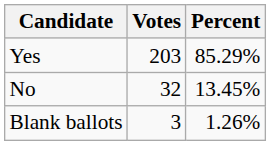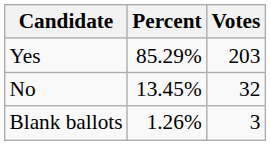 <table class=wikitable>
 <tr>
 <th style="background:">Candidate</th>
+<th style="background:">Percent</th>
 <th style="background:">Votes</th>
-<th style="background:">Percent</th>
 </tr>
 <tr>
 <td>Yes </td>
+<td style="text-align:right">85.29%</td>
 <td style="text-align:right">203</td>
-<td style="text-align:right">85.29%</td>
 </tr>
 <tr>
 <td>No</td>
+<td style="text-align:right">13.45%</td>
 <td style="text-align:right">32</td>
-<td style="text-align:right">13.45%</td>
 </tr>
 <tr>
 <td>Blank ballots</td>
+<td style="text-align:right">1.26%</td>
 <td style="text-align:right">3</td>
-<td style="text-align:right">1.26%</td>
 </tr>
 </table>
